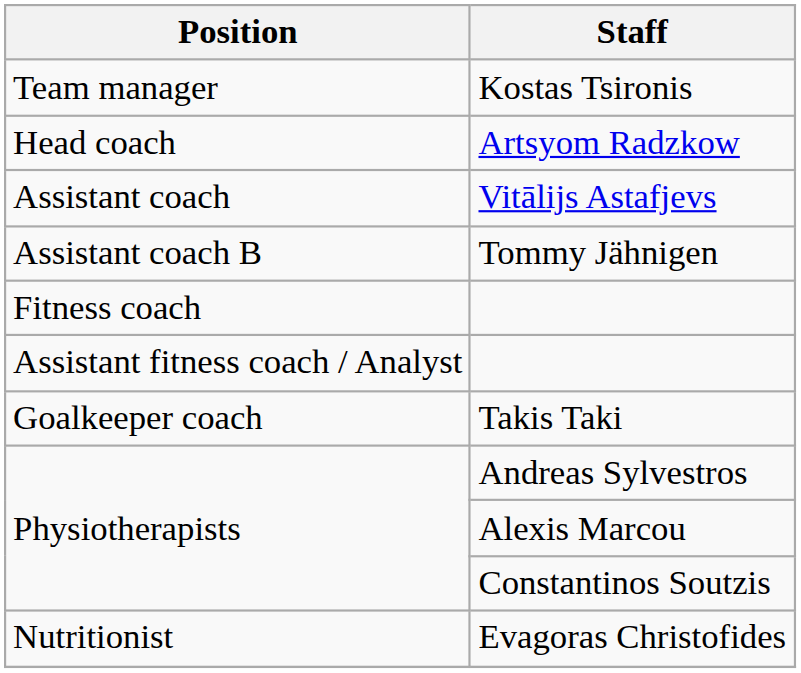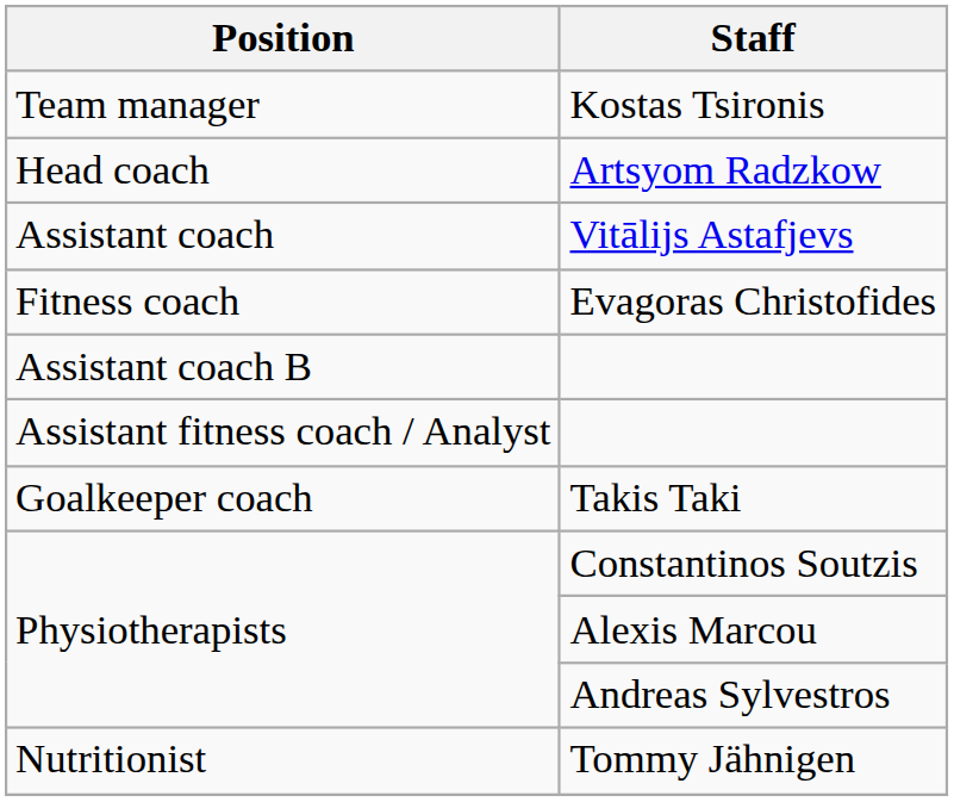 <table class="wikitable" style="text-align: center">
 <tr>
 <th align=left>Position</th>
 <th align=left>Staff</th>
 </tr>
 <tr>
 <td align=left>Team manager</td>
 <td align=left> Kostas Tsironis</td>
 </tr>
 <tr>
 <td align=left>Head coach</td>
 <td align=left> <a href='#'>Artsyom Radzkow</a></td>
 </tr>
 <tr>
 <td align=left>Assistant coach</td>
 <td align=left> <a href='#'>Vitālijs Astafjevs</a></td>
 </tr>
 <tr>
-<td align=left>Assistant coach B</td>
-<td align=left> Tommy Jähnigen</td>
+<td align=left>Fitness coach</td>
+<td align=left> Evagoras Christofides</td>
 </tr>
 <tr>
-<td align=left>Fitness coach</td>
+<td align=left>Assistant coach B</td>
 <td align=left></td>
 </tr>
 <tr>
 <td align=left>Assistant fitness coach / Analyst</td>
 <td align=left></td>
 </tr>
 <tr>
 <td align=left>Goalkeeper coach</td>
 <td align=left> Takis Taki</td>
 </tr>
 <tr>
 <td rowspan="3" align=left>Physiotherapists</td>
-<td align=left> Andreas Sylvestros</td>
+<td align=left> Constantinos Soutzis</td>
 </tr>
 <tr>
 <td align=left> Alexis Marcou</td>
 </tr>
 <tr>
-<td align=left> Constantinos Soutzis</td>
+<td align=left> Andreas Sylvestros</td>
 </tr>
 <tr>
 <td align=left>Nutritionist</td>
-<td align=left> Evagoras Christofides</td>
+<td align=left> Tommy Jähnigen</td>
 </tr>
 <tr>
 </tr>
 </table>
